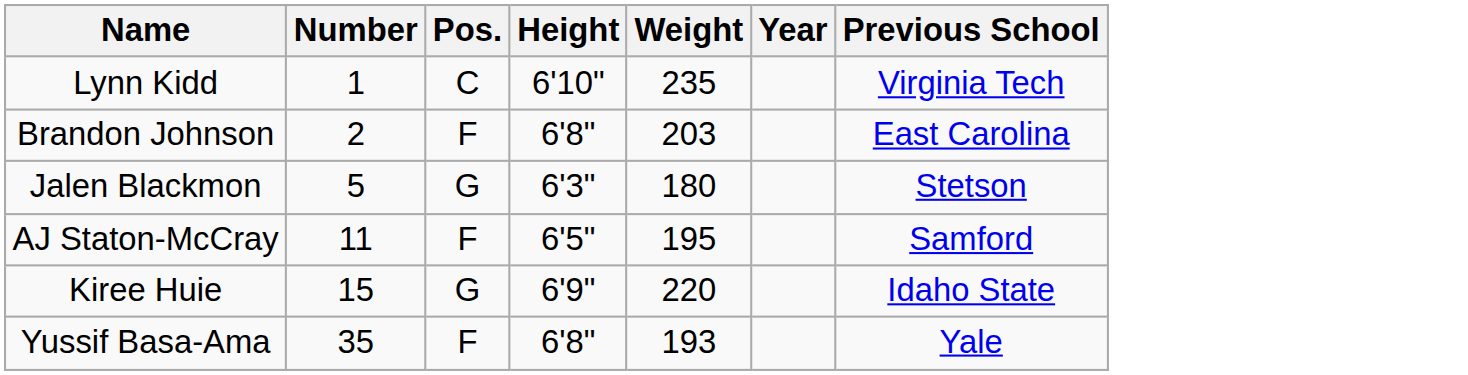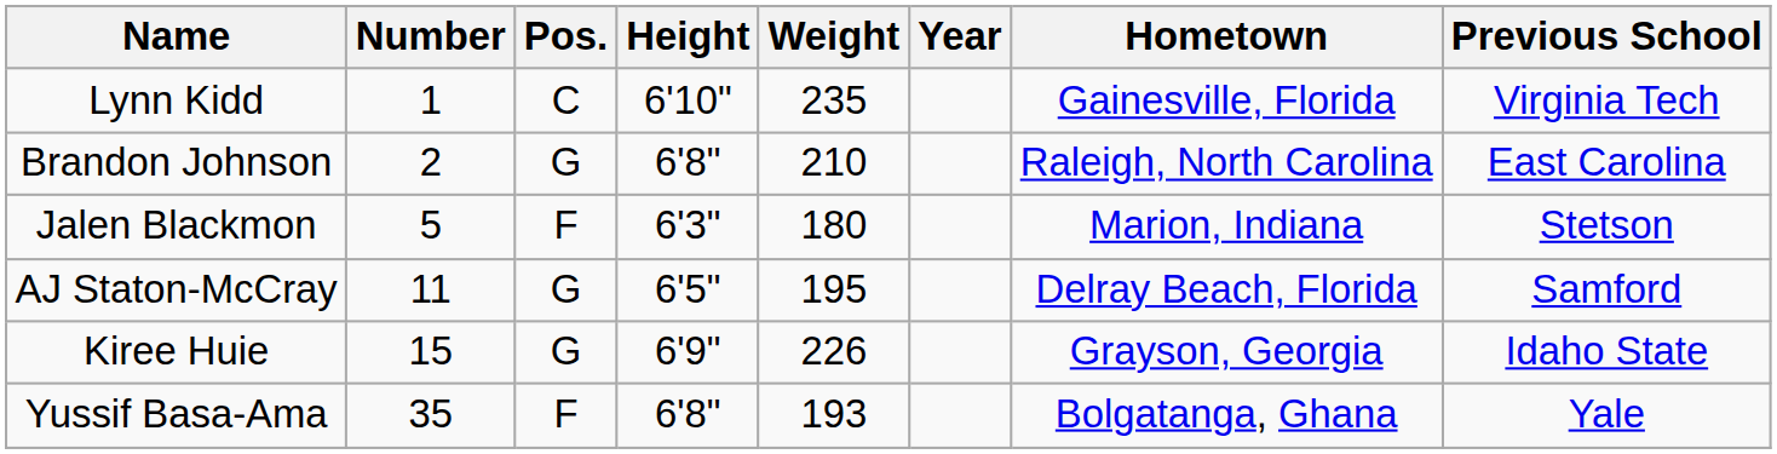 <table class="wikitable sortable" border="1" style="text-align:center;">
 <tr align=center>
 <th>Name</th>
 <th>Number</th>
 <th>Pos.</th>
 <th>Height</th>
 <th>Weight</th>
 <th>Year</th>
+<th>Hometown</th>
 <th>Previous School</th>
 </tr>
 <tr>
 <td>Lynn Kidd</td>
 <td>1</td>
 <td>C</td>
 <td>6'10"</td>
 <td>235</td>
 <td></td>
+<td><a href='#'>Gainesville, Florida</a></td>
 <td><a href='#'>Virginia Tech</a></td>
 </tr>
 <tr>
 <td>Brandon Johnson</td>
 <td>2</td>
-<td>F</td>
+<td>G</td>
 <td>6'8"</td>
-<td>203</td>
+<td>210</td>
 <td></td>
+<td><a href='#'>Raleigh, North Carolina</a></td>
 <td><a href='#'>East Carolina</a></td>
 </tr>
 <tr>
 <td>Jalen Blackmon</td>
 <td>5</td>
-<td>G</td>
+<td>F</td>
 <td>6'3"</td>
 <td>180</td>
 <td></td>
+<td><a href='#'>Marion, Indiana</a></td>
 <td><a href='#'>Stetson</a></td>
 </tr>
 <tr>
 <td>AJ Staton-McCray</td>
 <td>11</td>
-<td>F</td>
+<td>G</td>
 <td>6'5"</td>
 <td>195</td>
 <td></td>
+<td><a href='#'>Delray Beach, Florida</a></td>
 <td><a href='#'>Samford</a></td>
 </tr>
 <tr>
 <td>Kiree Huie</td>
 <td>15</td>
 <td>G</td>
 <td>6'9"</td>
-<td>220</td>
+<td>226</td>
 <td></td>
+<td><a href='#'>Grayson, Georgia</a></td>
 <td><a href='#'>Idaho State</a></td>
 </tr>
 <tr>
 <td>Yussif Basa-Ama</td>
 <td>35</td>
 <td>F</td>
 <td>6'8"</td>
 <td>193</td>
 <td></td>
+<td><a href='#'>Bolgatanga</a>, <a href='#'>Ghana</a></td>
 <td><a href='#'>Yale</a></td>
 </tr>
 </table>
